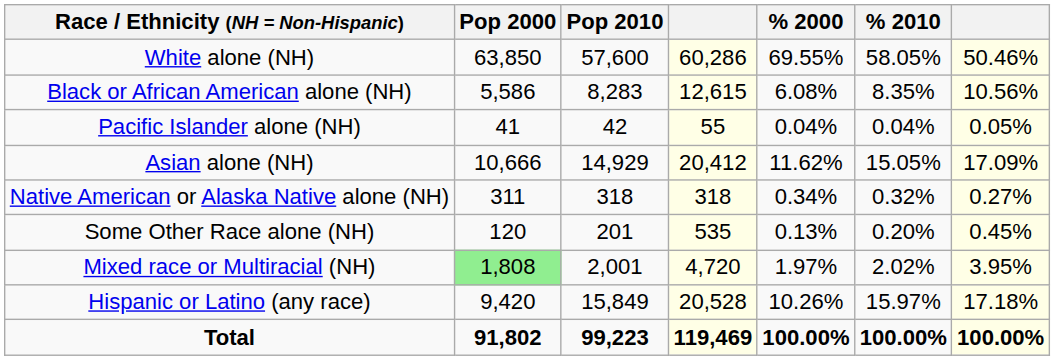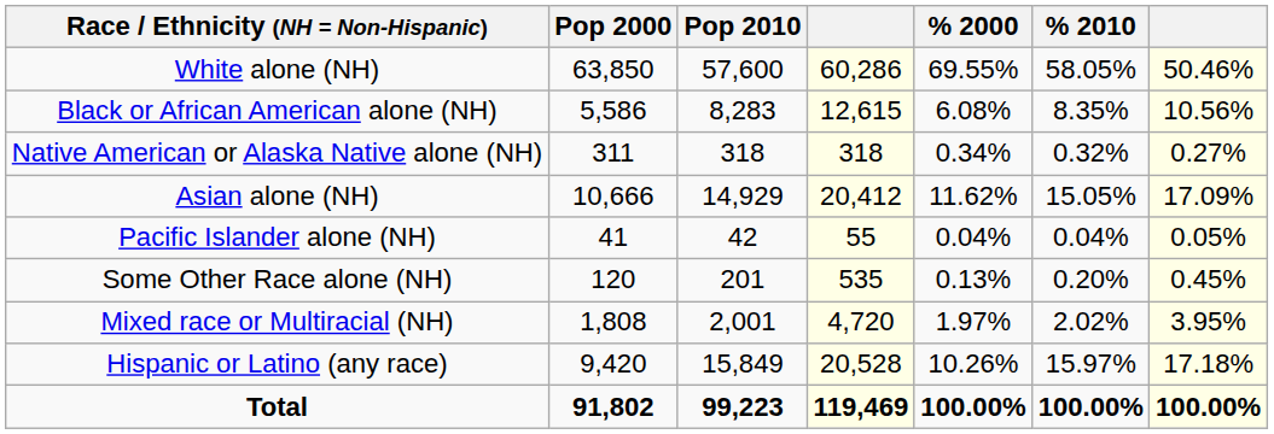 <table class="wikitable" style="text-align:center;">
 <tr>
 <th>Race / Ethnicity <small>(<em>NH = Non-Hispanic</em>)</small></th>
 <th>Pop 2000</th>
 <th>Pop 2010</th>
 <th></th>
 <th>% 2000</th>
 <th>% 2010</th>
 <th></th>
 </tr>
 <tr>
 <td><a href='#'>White</a> alone (NH)</td>
 <td>63,850</td>
 <td>57,600</td>
 <td style='background: #ffffe6;'>60,286</td>
 <td>69.55%</td>
 <td>58.05%</td>
 <td style='background: #ffffe6;'>50.46%</td>
 </tr>
 <tr>
 <td><a href='#'>Black or African American</a> alone (NH)</td>
 <td>5,586</td>
 <td>8,283</td>
 <td style='background: #ffffe6;'>12,615</td>
 <td>6.08%</td>
 <td>8.35%</td>
 <td style='background: #ffffe6;'>10.56%</td>
 </tr>
 <tr>
-<td><a href='#'>Pacific Islander</a> alone (NH)</td>
-<td>41</td>
-<td>42</td>
-<td style='background: #ffffe6;'>55</td>
-<td>0.04%</td>
-<td>0.04%</td>
-<td style='background: #ffffe6;'>0.05%</td>
+<td><a href='#'>Native American</a> or <a href='#'>Alaska Native</a> alone (NH)</td>
+<td>311</td>
+<td>318</td>
+<td style='background: #ffffe6;'>318</td>
+<td>0.34%</td>
+<td>0.32%</td>
+<td style='background: #ffffe6;'>0.27%</td>
 </tr>
 <tr>
 <td><a href='#'>Asian</a> alone (NH)</td>
 <td>10,666</td>
 <td>14,929</td>
 <td style='background: #ffffe6;'>20,412</td>
 <td>11.62%</td>
 <td>15.05%</td>
 <td style='background: #ffffe6;'>17.09%</td>
 </tr>
 <tr>
-<td><a href='#'>Native American</a> or <a href='#'>Alaska Native</a> alone (NH)</td>
-<td>311</td>
-<td>318</td>
-<td style='background: #ffffe6;'>318</td>
-<td>0.34%</td>
-<td>0.32%</td>
-<td style='background: #ffffe6;'>0.27%</td>
+<td><a href='#'>Pacific Islander</a> alone (NH)</td>
+<td>41</td>
+<td>42</td>
+<td style='background: #ffffe6;'>55</td>
+<td>0.04%</td>
+<td>0.04%</td>
+<td style='background: #ffffe6;'>0.05%</td>
 </tr>
 <tr>
 <td>Some Other Race alone (NH)</td>
 <td>120</td>
 <td>201</td>
 <td style='background: #ffffe6;'>535</td>
 <td>0.13%</td>
 <td>0.20%</td>
 <td style='background: #ffffe6;'>0.45%</td>
 </tr>
 <tr>
 <td><a href='#'>Mixed race or Multiracial</a> (NH)</td>
-<td style="background: lightgreen;">1,808</td>
+<td>1,808</td>
 <td>2,001</td>
 <td style='background: #ffffe6;'>4,720</td>
 <td>1.97%</td>
 <td>2.02%</td>
 <td style='background: #ffffe6;'>3.95%</td>
 </tr>
 <tr>
 <td><a href='#'>Hispanic or Latino</a> (any race)</td>
 <td>9,420</td>
 <td>15,849</td>
 <td style='background: #ffffe6;'>20,528</td>
 <td>10.26%</td>
 <td>15.97%</td>
 <td style='background: #ffffe6;'>17.18%</td>
 </tr>
 <tr>
 <td><strong>Total</strong></td>
 <td><strong>91,802</strong></td>
 <td><strong>99,223</strong></td>
 <td style='background: #ffffe6;'><strong>119,469</strong></td>
 <td><strong>100.00%</strong></td>
 <td><strong>100.00%</strong></td>
 <td style='background: #ffffe6;'><strong>100.00%</strong></td>
 </tr>
 </table>
